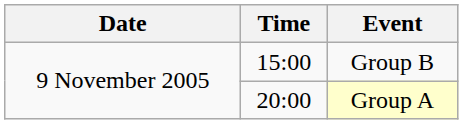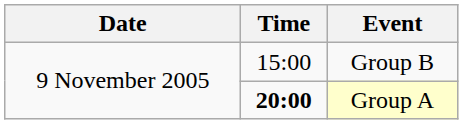 <table class = "wikitable" style="text-align:center;">
 <tr>
 <th width=150>Date</th>
 <th width=50>Time</th>
 <th width=80>Event</th>
 </tr>
 <tr>
 <td rowspan=2>9 November 2005</td>
 <td>15:00</td>
 <td>Group B</td>
 </tr>
 <tr>
-<td>20:00</td>
+<td><strong>20:00</strong></td>
 <td bgcolor=ffffcc>Group A</td>
 </tr>
 </table>
